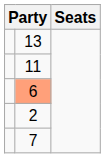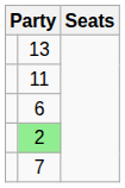 <table class="wikitable" style="font-size: 95%;">
 <tr>
 <th colspan=2>Party</th>
 <th>Seats</th>
 </tr>
 <tr>
 <td></td>
 <td align="center">13</td>
 </tr>
 <tr>
 <td></td>
 <td align="center">11</td>
 </tr>
 <tr>
 <td></td>
-<td align="center" style="background: lightsalmon;">6</td>
+<td align="center">6</td>
 </tr>
 <tr>
 <td></td>
-<td align="center">2</td>
+<td align="center" style="background: lightgreen;">2</td>
 </tr>
 <tr>
 <td></td>
 <td align="center">7</td>
 </tr>
 </table>
